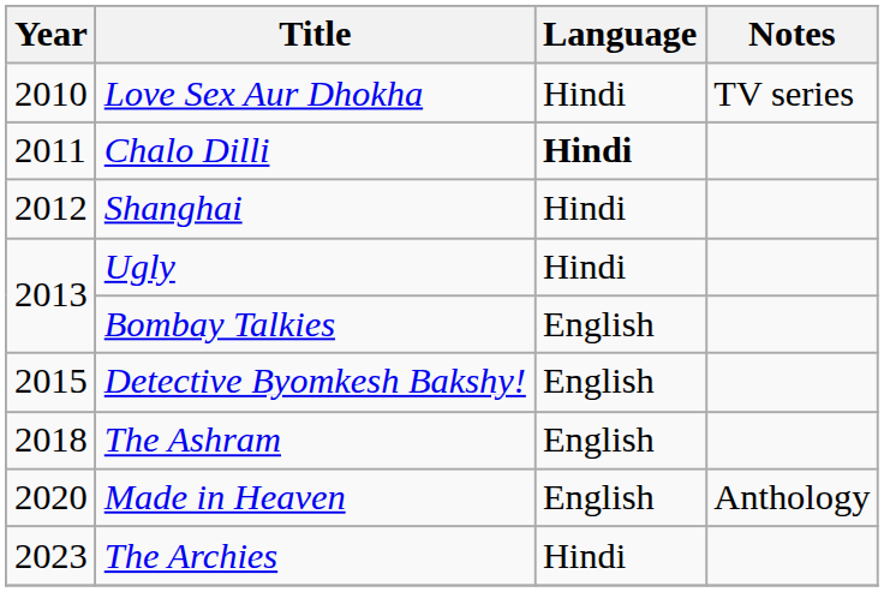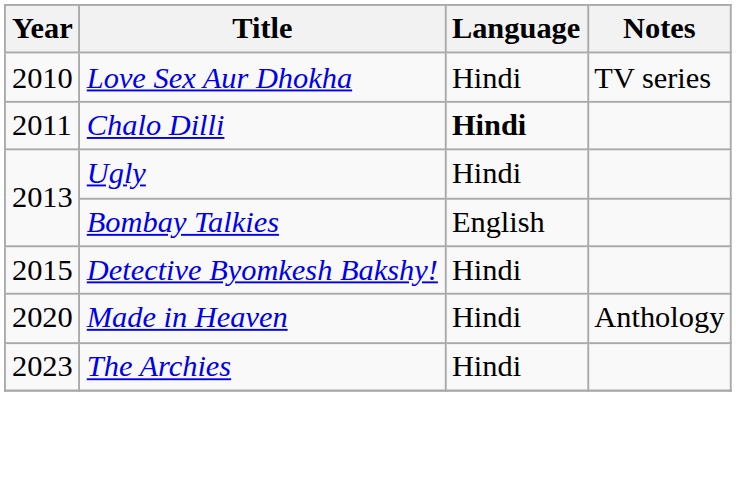 <table class="wikitable">
 <tr>
 <th>Year</th>
 <th>Title</th>
 <th>Language</th>
 <th>Notes</th>
 </tr>
 <tr>
 <td>2010</td>
 <td><em><a href='#'>Love Sex Aur Dhokha</a></em></td>
 <td>Hindi</td>
 <td>TV series</td>
 </tr>
 <tr>
 <td>2011</td>
 <td><em><a href='#'>Chalo Dilli</a></em></td>
 <td><strong>Hindi</strong></td>
 <td></td>
 </tr>
 <tr>
-<td>2012</td>
-<td><a href='#'><em>Shanghai</em></a></td>
-<td>Hindi</td>
-<td></td>
-</tr>
-<tr>
 <td rowspan="2">2013</td>
 <td><a href='#'><em>Ugly</em></a></td>
 <td>Hindi</td>
 <td></td>
 </tr>
 <tr>
 <td><a href='#'><em>Bombay Talkies</em></a></td>
 <td>English</td>
 <td></td>
 </tr>
 <tr>
 <td>2015</td>
 <td><em><a href='#'>Detective Byomkesh Bakshy!</a></em></td>
-<td>English</td>
-<td></td>
-</tr>
-<tr>
-<td>2018</td>
-<td><a href='#'><em>The Ashram</em></a></td>
-<td>English</td>
+<td>Hindi</td>
 <td></td>
 </tr>
 <tr>
 <td>2020</td>
 <td><a href='#'><em>Made in Heaven</em></a></td>
-<td>English</td>
+<td>Hindi</td>
 <td>Anthology</td>
 </tr>
 <tr>
 <td>2023</td>
 <td><em><a href='#'>The Archies</a></em></td>
 <td>Hindi</td>
 <td></td>
 </tr>
 <tr>
 </tr>
 </table>
